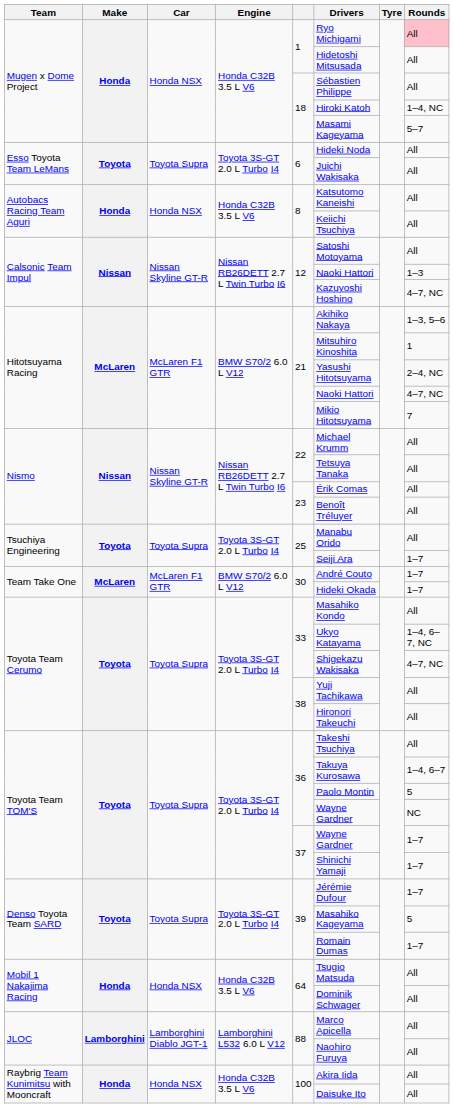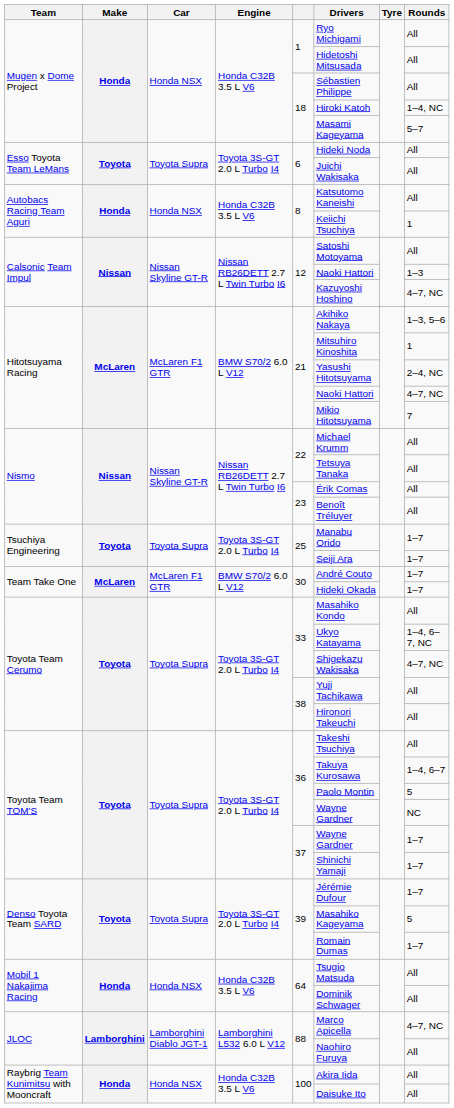 <table class="wikitable" style="font-size: 85%;">
 <tr>
 <th>Team</th>
 <th>Make</th>
 <th>Car</th>
 <th>Engine</th>
 <th></th>
 <th>Drivers</th>
 <th>Tyre</th>
 <th>Rounds</th>
 </tr>
 <tr>
 <td rowspan=5><a href='#'>Mugen</a> x <a href='#'>Dome</a> Project</td>
 <th rowspan=5><a href='#'>Honda</a></th>
 <td rowspan=5><a href='#'>Honda NSX</a></td>
 <td rowspan=5><a href='#'>Honda C32B</a> 3.5 L <a href='#'>V6</a></td>
 <td rowspan=2>1</td>
 <td> <a href='#'>Ryo Michigami</a></td>
 <td rowspan=5 align="center"></td>
-<td style="background: pink;">All</td>
+<td>All</td>
 </tr>
 <tr>
 <td> <a href='#'>Hidetoshi Mitsusada</a></td>
 <td>All</td>
 </tr>
 <tr>
 <td rowspan=3>18</td>
 <td> <a href='#'>Sébastien Philippe</a></td>
 <td>All</td>
 </tr>
 <tr>
 <td> <a href='#'>Hiroki Katoh</a></td>
 <td>1–4, NC</td>
 </tr>
 <tr>
 <td> <a href='#'>Masami Kageyama</a></td>
 <td>5–7</td>
 </tr>
 <tr>
 <td rowspan=2><a href='#'>Esso</a> Toyota <a href='#'>Team LeMans</a></td>
 <th rowspan=2><a href='#'>Toyota</a></th>
 <td rowspan=2><a href='#'>Toyota Supra</a></td>
 <td rowspan=2><a href='#'>Toyota 3S-GT</a> 2.0 L <a href='#'>Turbo</a> <a href='#'>I4</a></td>
 <td rowspan=2>6</td>
 <td> <a href='#'>Hideki Noda</a></td>
 <td rowspan=2 align="center"></td>
 <td>All</td>
 </tr>
 <tr>
 <td> <a href='#'>Juichi Wakisaka</a></td>
 <td>All</td>
 </tr>
 <tr>
 <td rowspan=2><a href='#'>Autobacs Racing Team Aguri</a></td>
 <th rowspan=2><a href='#'>Honda</a></th>
 <td rowspan=2><a href='#'>Honda NSX</a></td>
 <td rowspan=2><a href='#'>Honda C32B</a> 3.5 L <a href='#'>V6</a></td>
 <td rowspan=2>8</td>
 <td> <a href='#'>Katsutomo Kaneishi</a></td>
 <td rowspan=2 align="center"></td>
 <td>All</td>
 </tr>
 <tr>
 <td> <a href='#'>Keiichi Tsuchiya</a></td>
-<td>All</td>
+<td>1</td>
 </tr>
 <tr>
 <td rowspan=3><a href='#'>Calsonic</a> <a href='#'>Team Impul</a></td>
 <th rowspan=3><a href='#'>Nissan</a></th>
 <td rowspan=3><a href='#'>Nissan Skyline GT-R</a></td>
 <td rowspan=3><a href='#'>Nissan RB26DETT</a> 2.7 L <a href='#'>Twin Turbo</a> <a href='#'>I6</a></td>
 <td rowspan=3>12</td>
 <td> <a href='#'>Satoshi Motoyama</a></td>
 <td rowspan=3 align="center"></td>
 <td>All</td>
 </tr>
 <tr>
 <td> <a href='#'>Naoki Hattori</a></td>
 <td>1–3</td>
 </tr>
 <tr>
 <td> <a href='#'>Kazuyoshi Hoshino</a></td>
 <td>4–7, NC</td>
 </tr>
 <tr>
 <td rowspan=5>Hitotsuyama Racing</td>
 <th rowspan=5><a href='#'>McLaren</a></th>
 <td rowspan=5><a href='#'>McLaren F1 GTR</a></td>
 <td rowspan=5><a href='#'>BMW S70/2</a> 6.0 L <a href='#'>V12</a></td>
 <td rowspan=5>21</td>
 <td> <a href='#'>Akihiko Nakaya</a></td>
 <td rowspan=5 align="center"></td>
 <td>1–3, 5–6</td>
 </tr>
 <tr>
 <td> <a href='#'>Mitsuhiro Kinoshita</a></td>
 <td>1</td>
 </tr>
 <tr>
 <td> <a href='#'>Yasushi Hitotsuyama</a></td>
 <td>2–4, NC</td>
 </tr>
 <tr>
 <td> <a href='#'>Naoki Hattori</a></td>
 <td>4–7, NC</td>
 </tr>
 <tr>
 <td> <a href='#'>Mikio Hitotsuyama</a></td>
 <td>7</td>
 </tr>
 <tr>
 <td rowspan=4><a href='#'>Nismo</a></td>
 <th rowspan=4><a href='#'>Nissan</a></th>
 <td rowspan=4><a href='#'>Nissan Skyline GT-R</a></td>
 <td rowspan=4><a href='#'>Nissan RB26DETT</a> 2.7 L <a href='#'>Twin Turbo</a> <a href='#'>I6</a></td>
 <td rowspan=2>22</td>
 <td> <a href='#'>Michael Krumm</a></td>
 <td rowspan=4 align="center"></td>
 <td>All</td>
 </tr>
 <tr>
 <td> <a href='#'>Tetsuya Tanaka</a></td>
 <td>All</td>
 </tr>
 <tr>
 <td rowspan=2>23</td>
 <td> <a href='#'>Érik Comas</a></td>
 <td>All</td>
 </tr>
 <tr>
 <td> <a href='#'>Benoît Tréluyer</a></td>
 <td>All</td>
 </tr>
 <tr>
 <td rowspan=2>Tsuchiya Engineering</td>
 <th rowspan=2><a href='#'>Toyota</a></th>
 <td rowspan=2><a href='#'>Toyota Supra</a></td>
 <td rowspan=2><a href='#'>Toyota 3S-GT</a> 2.0 L <a href='#'>Turbo</a> <a href='#'>I4</a></td>
 <td rowspan=2>25</td>
 <td> <a href='#'>Manabu Orido</a></td>
 <td rowspan=2 align="center"></td>
-<td>All</td>
+<td>1–7</td>
 </tr>
 <tr>
 <td> <a href='#'>Seiji Ara</a></td>
 <td>1–7</td>
 </tr>
 <tr>
 <td rowspan=2>Team Take One</td>
 <th rowspan=2><a href='#'>McLaren</a></th>
 <td rowspan=2><a href='#'>McLaren F1 GTR</a></td>
 <td rowspan=2><a href='#'>BMW S70/2</a> 6.0 L <a href='#'>V12</a></td>
 <td rowspan=2>30</td>
 <td> <a href='#'>André Couto</a></td>
 <td rowspan=2 align="center"></td>
 <td>1–7</td>
 </tr>
 <tr>
 <td> <a href='#'>Hideki Okada</a></td>
 <td>1–7</td>
 </tr>
 <tr>
 <td rowspan=5>Toyota Team <a href='#'>Cerumo</a></td>
 <th rowspan=5><a href='#'>Toyota</a></th>
 <td rowspan=5><a href='#'>Toyota Supra</a></td>
 <td rowspan=5><a href='#'>Toyota 3S-GT</a> 2.0 L <a href='#'>Turbo</a> <a href='#'>I4</a></td>
 <td rowspan=3>33</td>
 <td> <a href='#'>Masahiko Kondo</a></td>
 <td rowspan=5 align="center"></td>
 <td>All</td>
 </tr>
 <tr>
 <td> <a href='#'>Ukyo Katayama</a></td>
 <td>1–4, 6–7, NC</td>
 </tr>
 <tr>
 <td> <a href='#'>Shigekazu Wakisaka</a></td>
 <td>4–7, NC</td>
 </tr>
 <tr>
 <td rowspan=2>38</td>
 <td> <a href='#'>Yuji Tachikawa</a></td>
 <td>All</td>
 </tr>
 <tr>
 <td> <a href='#'>Hironori Takeuchi</a></td>
 <td>All</td>
 </tr>
 <tr>
 <td rowspan=6>Toyota Team <a href='#'>TOM'S</a></td>
 <th rowspan=6><a href='#'>Toyota</a></th>
 <td rowspan=6><a href='#'>Toyota Supra</a></td>
 <td rowspan=6><a href='#'>Toyota 3S-GT</a> 2.0 L <a href='#'>Turbo</a> <a href='#'>I4</a></td>
 <td rowspan=4>36</td>
 <td> <a href='#'>Takeshi Tsuchiya</a></td>
 <td rowspan=6 align="center"></td>
 <td>All</td>
 </tr>
 <tr>
 <td> <a href='#'>Takuya Kurosawa</a></td>
 <td>1–4, 6–7</td>
 </tr>
 <tr>
 <td> <a href='#'>Paolo Montin</a></td>
 <td>5</td>
 </tr>
 <tr>
 <td> <a href='#'>Wayne Gardner</a></td>
 <td>NC</td>
 </tr>
 <tr>
 <td rowspan=2>37</td>
 <td> <a href='#'>Wayne Gardner</a></td>
 <td>1–7</td>
 </tr>
 <tr>
 <td> <a href='#'>Shinichi Yamaji</a></td>
 <td>1–7</td>
 </tr>
 <tr>
 <td rowspan=3><a href='#'>Denso</a> Toyota Team <a href='#'>SARD</a></td>
 <th rowspan=3><a href='#'>Toyota</a></th>
 <td rowspan=3><a href='#'>Toyota Supra</a></td>
 <td rowspan=3><a href='#'>Toyota 3S-GT</a> 2.0 L <a href='#'>Turbo</a> <a href='#'>I4</a></td>
 <td rowspan=3>39</td>
 <td> <a href='#'>Jérémie Dufour</a></td>
 <td rowspan=3 align="center"></td>
 <td>1–7</td>
 </tr>
 <tr>
 <td> <a href='#'>Masahiko Kageyama</a></td>
 <td>5</td>
 </tr>
 <tr>
 <td> <a href='#'>Romain Dumas</a></td>
 <td>1–7</td>
 </tr>
 <tr>
 <td rowspan=2><a href='#'>Mobil 1</a> <a href='#'>Nakajima Racing</a></td>
 <th rowspan=2><a href='#'>Honda</a></th>
 <td rowspan=2><a href='#'>Honda NSX</a></td>
 <td rowspan=2><a href='#'>Honda C32B</a> 3.5 L <a href='#'>V6</a></td>
 <td rowspan=2>64</td>
 <td> <a href='#'>Tsugio Matsuda</a></td>
 <td rowspan=2 align="center"></td>
 <td>All</td>
 </tr>
 <tr>
 <td> <a href='#'>Dominik Schwager</a></td>
 <td>All</td>
 </tr>
 <tr>
 <td rowspan=2><a href='#'>JLOC</a></td>
 <th rowspan=2><a href='#'>Lamborghini</a></th>
 <td rowspan=2><a href='#'>Lamborghini Diablo JGT-1</a></td>
 <td rowspan=2><a href='#'>Lamborghini L532</a> 6.0 L <a href='#'>V12</a></td>
 <td rowspan=2>88</td>
 <td> <a href='#'>Marco Apicella</a></td>
 <td rowspan=2 align="center"></td>
-<td>All</td>
+<td>4–7, NC</td>
 </tr>
 <tr>
 <td> <a href='#'>Naohiro Furuya</a></td>
 <td>All</td>
 </tr>
 <tr>
 <td rowspan=2>Raybrig <a href='#'>Team Kunimitsu</a> with Mooncraft</td>
 <th rowspan=2><a href='#'>Honda</a></th>
 <td rowspan=2><a href='#'>Honda NSX</a></td>
 <td rowspan=2><a href='#'>Honda C32B</a> 3.5 L <a href='#'>V6</a></td>
 <td rowspan=2>100</td>
 <td> <a href='#'>Akira Iida</a></td>
 <td rowspan=2 align="center"></td>
 <td>All</td>
 </tr>
 <tr>
 <td> <a href='#'>Daisuke Ito</a></td>
 <td>All</td>
 </tr>
 </table>
